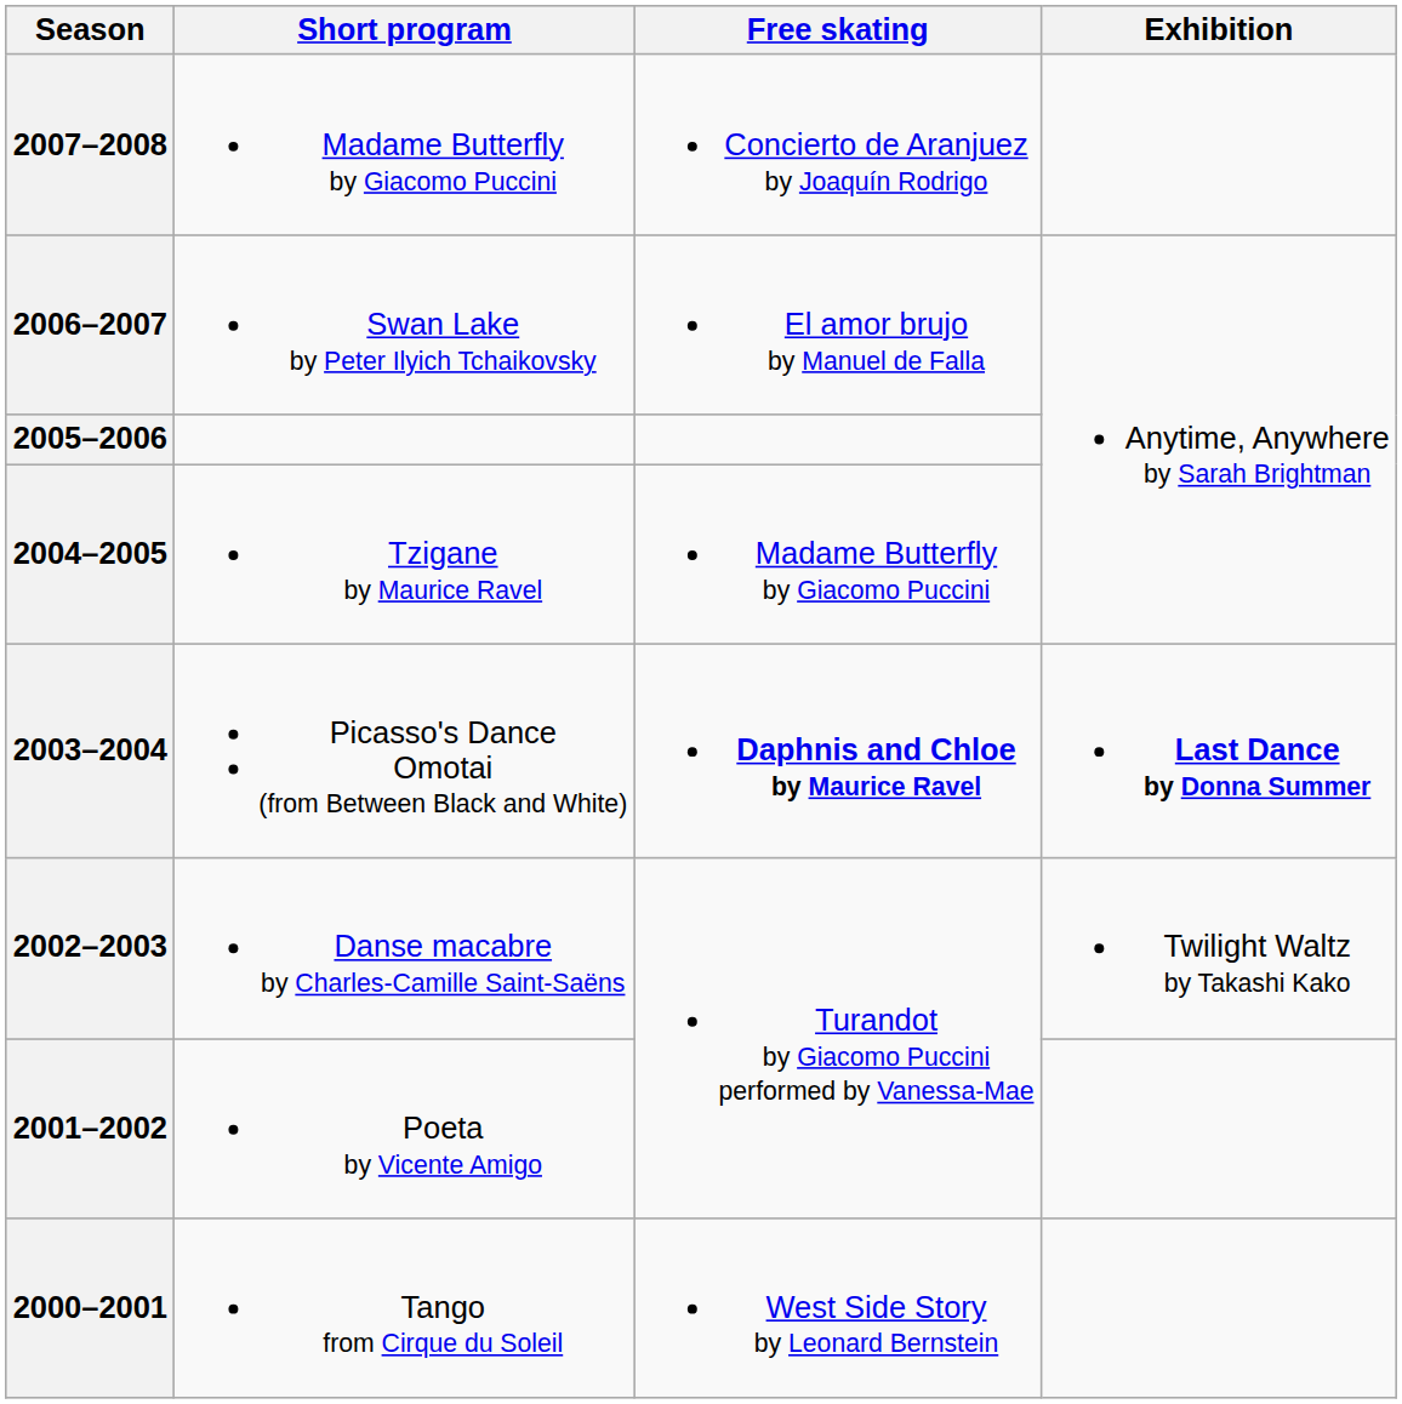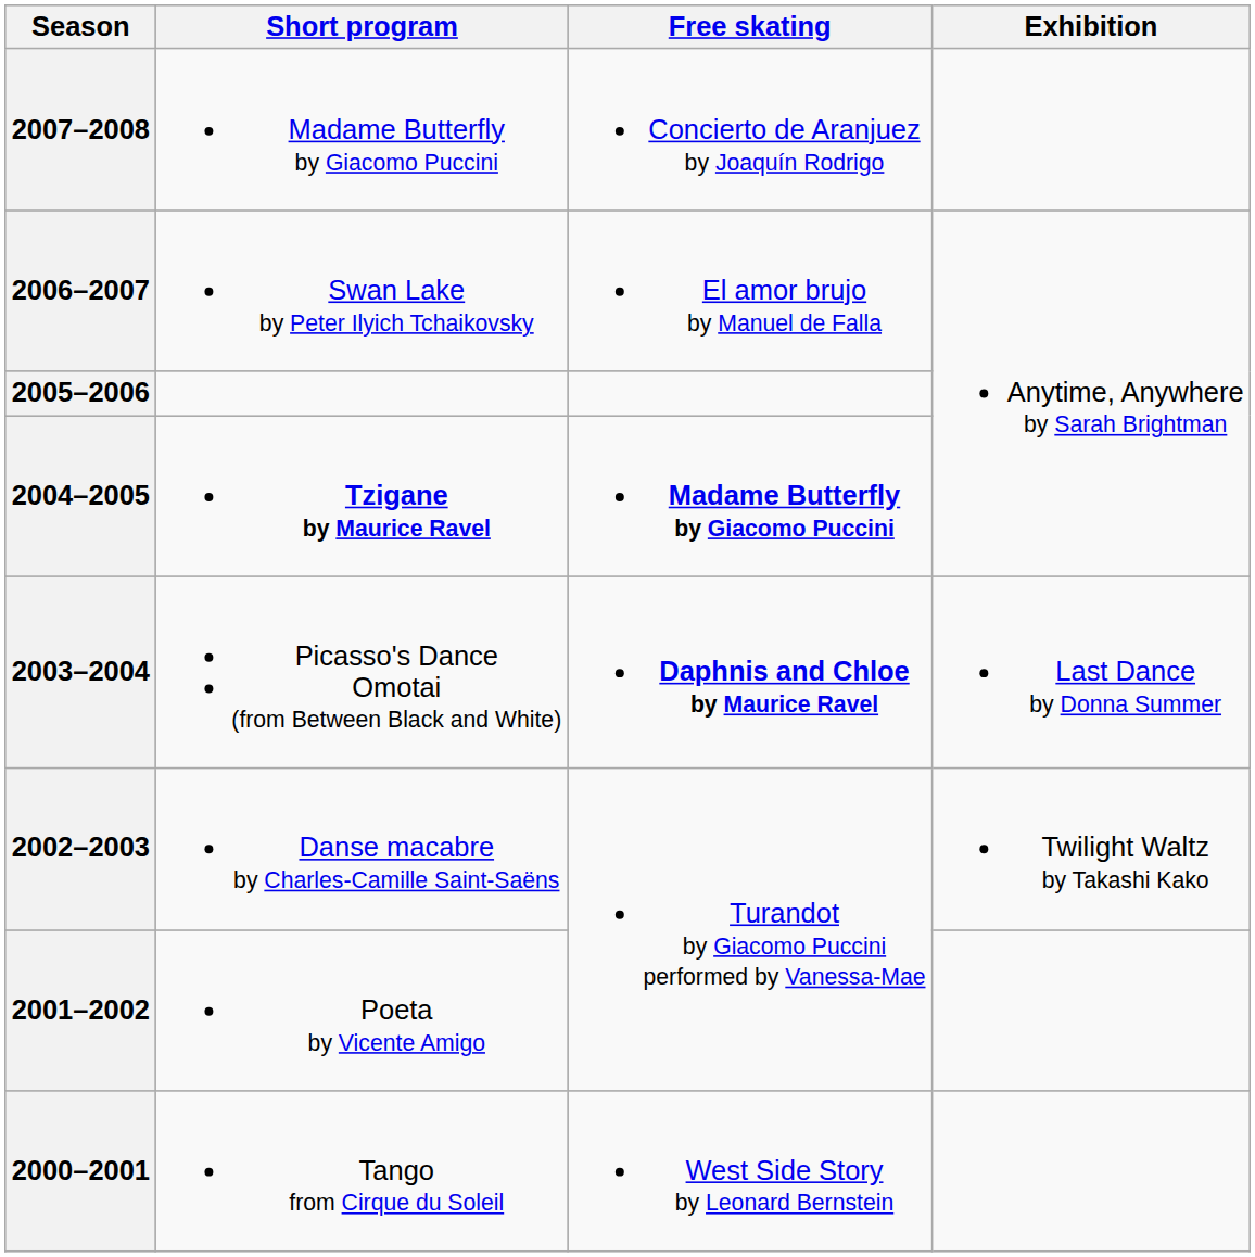 <table class="wikitable" style="text-align:center">
 <tr>
 <th>Season</th>
 <th><a href='#'>Short program</a></th>
 <th><a href='#'>Free skating</a></th>
 <th>Exhibition</th>
 </tr>
 <tr>
 <th>2007–2008</th>
 <td><br><ul><li><a href='#'>Madame Butterfly</a> <br><small> by <a href='#'>Giacomo Puccini</a> </small></li></ul></td>
 <td><br><ul><li><a href='#'>Concierto de Aranjuez</a> <br><small> by <a href='#'>Joaquín Rodrigo</a> </small></li></ul></td>
 <td></td>
 </tr>
 <tr>
 <th>2006–2007</th>
 <td><br><ul><li><a href='#'>Swan Lake</a> <br><small> by <a href='#'>Peter Ilyich Tchaikovsky</a> </small></li></ul></td>
 <td><br><ul><li><a href='#'>El amor brujo</a> <br><small> by <a href='#'>Manuel de Falla</a> </small></li></ul></td>
 <td rowspan=3><br><ul><li>Anytime, Anywhere <br><small> by <a href='#'>Sarah Brightman</a> </small></li></ul></td>
 </tr>
 <tr>
 <th>2005–2006</th>
 <td></td>
 <td></td>
 </tr>
 <tr>
 <th>2004–2005 <br> </th>
-<td><br><ul><li><a href='#'>Tzigane</a> <br><small> by <a href='#'>Maurice Ravel</a> </small></li></ul></td>
-<td><br><ul><li><a href='#'>Madame Butterfly</a> <br><small> by <a href='#'>Giacomo Puccini</a> </small></li></ul></td>
+<td><strong><br><ul><li><a href='#'>Tzigane</a> <br><small> by <a href='#'>Maurice Ravel</a> </small></li></ul></strong></td>
+<td><strong><br><ul><li><a href='#'>Madame Butterfly</a> <br><small> by <a href='#'>Giacomo Puccini</a> </small></li></ul></strong></td>
 </tr>
 <tr>
 <th>2003–2004 <br> </th>
 <td><br><ul><li>Picasso's Dance</li><li>Omotai <br><small> (from Between Black and White) </small></li></ul></td>
 <td><strong><br><ul><li><a href='#'>Daphnis and Chloe</a> <br><small> by <a href='#'>Maurice Ravel</a> </small></li></ul></strong></td>
-<td><strong><br><ul><li><a href='#'>Last Dance</a> <br><small> by <a href='#'>Donna Summer</a> </small></li></ul></strong></td>
+<td><br><ul><li><a href='#'>Last Dance</a> <br><small> by <a href='#'>Donna Summer</a> </small></li></ul></td>
 </tr>
 <tr>
 <th>2002–2003 <br> </th>
 <td><br><ul><li><a href='#'>Danse macabre</a> <br><small> by <a href='#'>Charles-Camille Saint-Saëns</a> </small></li></ul></td>
 <td rowspan=2><br><ul><li><a href='#'>Turandot</a> <br><small> by <a href='#'>Giacomo Puccini</a> <br> performed by <a href='#'>Vanessa-Mae</a> </small></li></ul></td>
 <td><br><ul><li>Twilight Waltz <br><small> by Takashi Kako </small></li></ul></td>
 </tr>
 <tr>
 <th>2001–2002 <br> </th>
 <td><br><ul><li>Poeta <br><small> by <a href='#'>Vicente Amigo</a> </small></li></ul></td>
 <td></td>
 </tr>
 <tr>
 <th>2000–2001</th>
 <td><br><ul><li>Tango <br><small> from <a href='#'>Cirque du Soleil</a> </small></li></ul></td>
 <td><br><ul><li><a href='#'>West Side Story</a> <br><small> by <a href='#'>Leonard Bernstein</a> </small></li></ul></td>
 <td></td>
 </tr>
 </table>
